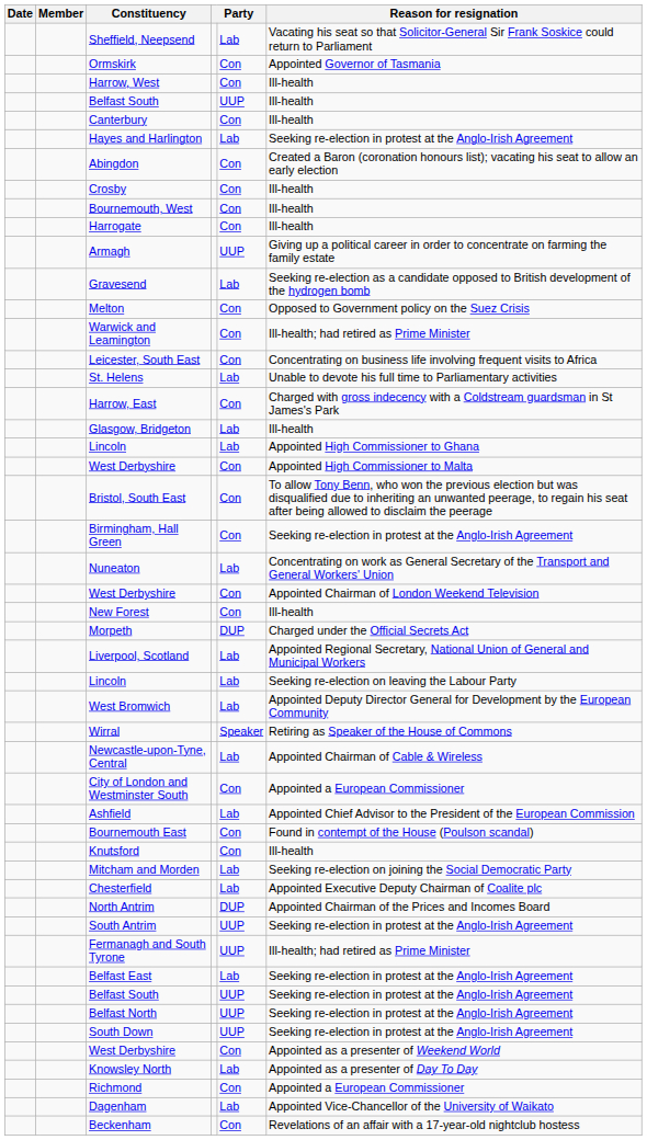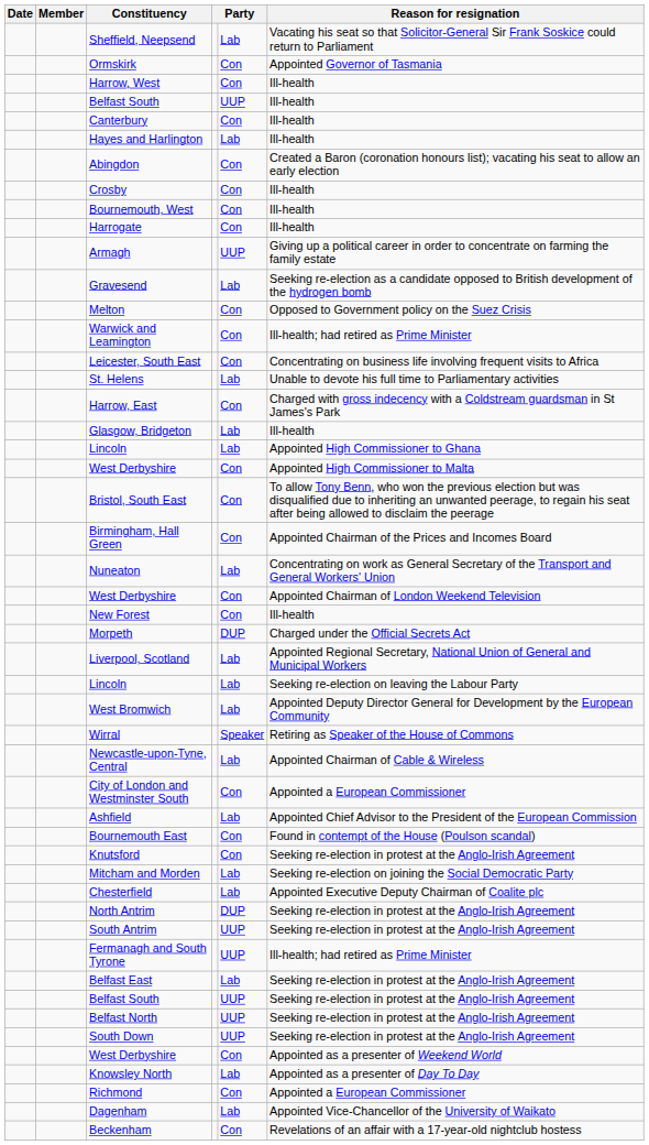 <table class="wikitable sortable">
 <tr>
 <th>Date</th>
 <th>Member</th>
 <th>Constituency</th>
 <th colspan=2>Party</th>
 <th class="unsortable">Reason for resignation</th>
 </tr>
 <tr>
 <td></td>
 <td></td>
 <td><a href='#'>Sheffield, Neepsend</a></td>
 <td style="background:"></td>
 <td><a href='#'>Lab</a></td>
 <td>Vacating his seat so that <a href='#'>Solicitor-General</a> Sir <a href='#'>Frank Soskice</a> could return to Parliament</td>
 </tr>
 <tr>
 <td></td>
 <td></td>
 <td><a href='#'>Ormskirk</a></td>
 <td style="background:"></td>
 <td><a href='#'>Con</a></td>
 <td>Appointed <a href='#'>Governor of Tasmania</a></td>
 </tr>
 <tr>
 <td></td>
 <td></td>
 <td><a href='#'>Harrow, West</a></td>
 <td style="background:"></td>
 <td><a href='#'>Con</a></td>
 <td>Ill-health</td>
 </tr>
 <tr>
 <td></td>
 <td></td>
 <td><a href='#'>Belfast South</a></td>
 <td style="background:"></td>
 <td><a href='#'>UUP</a></td>
 <td>Ill-health</td>
 </tr>
 <tr>
 <td></td>
 <td></td>
 <td><a href='#'>Canterbury</a></td>
 <td style="background:"></td>
 <td><a href='#'>Con</a></td>
 <td>Ill-health</td>
 </tr>
 <tr>
 <td></td>
 <td></td>
 <td><a href='#'>Hayes and Harlington</a></td>
 <td style="background:"></td>
 <td><a href='#'>Lab</a></td>
-<td>Seeking re-election in protest at the <a href='#'>Anglo-Irish Agreement</a></td>
+<td>Ill-health</td>
 </tr>
 <tr>
 <td></td>
 <td></td>
 <td><a href='#'>Abingdon</a></td>
 <td style="background:"></td>
 <td><a href='#'>Con</a></td>
 <td>Created a Baron (coronation honours list); vacating his seat to allow an early election</td>
 </tr>
 <tr>
 <td></td>
 <td></td>
 <td><a href='#'>Crosby</a></td>
 <td style="background:"></td>
 <td><a href='#'>Con</a></td>
 <td>Ill-health</td>
 </tr>
 <tr>
 <td></td>
 <td></td>
 <td><a href='#'>Bournemouth, West</a></td>
 <td style="background:"></td>
 <td><a href='#'>Con</a></td>
 <td>Ill-health</td>
 </tr>
 <tr>
 <td></td>
 <td></td>
 <td><a href='#'>Harrogate</a></td>
 <td style="background:"></td>
 <td><a href='#'>Con</a></td>
 <td>Ill-health</td>
 </tr>
 <tr>
 <td></td>
 <td></td>
 <td><a href='#'>Armagh</a></td>
 <td style="background:"></td>
 <td><a href='#'>UUP</a></td>
 <td>Giving up a political career in order to concentrate on farming the family estate</td>
 </tr>
 <tr>
 <td></td>
 <td></td>
 <td><a href='#'>Gravesend</a></td>
 <td style="background:"></td>
 <td><a href='#'>Lab</a></td>
 <td>Seeking re-election as a candidate opposed to British development of the <a href='#'>hydrogen bomb</a></td>
 </tr>
 <tr>
 <td></td>
 <td></td>
 <td><a href='#'>Melton</a></td>
 <td style="background:"></td>
 <td><a href='#'>Con</a></td>
 <td>Opposed to Government policy on the <a href='#'>Suez Crisis</a></td>
 </tr>
 <tr>
 <td></td>
 <td></td>
 <td><a href='#'>Warwick and Leamington</a></td>
 <td style="background:"></td>
 <td><a href='#'>Con</a></td>
 <td>Ill-health; had retired as <a href='#'>Prime Minister</a></td>
 </tr>
 <tr>
 <td></td>
 <td></td>
 <td><a href='#'>Leicester, South East</a></td>
 <td style="background:"></td>
 <td><a href='#'>Con</a></td>
 <td>Concentrating on business life involving frequent visits to Africa</td>
 </tr>
 <tr>
 <td></td>
 <td></td>
 <td><a href='#'>St. Helens</a></td>
 <td style="background:"></td>
 <td><a href='#'>Lab</a></td>
 <td>Unable to devote his full time to Parliamentary activities</td>
 </tr>
 <tr>
 <td></td>
 <td></td>
 <td><a href='#'>Harrow, East</a></td>
 <td style="background:"></td>
 <td><a href='#'>Con</a></td>
 <td>Charged with <a href='#'>gross indecency</a> with a <a href='#'>Coldstream guardsman</a> in St James's Park</td>
 </tr>
 <tr>
 <td></td>
 <td></td>
 <td><a href='#'>Glasgow, Bridgeton</a></td>
 <td style="background:"></td>
 <td><a href='#'>Lab</a></td>
 <td>Ill-health</td>
 </tr>
 <tr>
 <td></td>
 <td></td>
 <td><a href='#'>Lincoln</a></td>
 <td style="background:"></td>
 <td><a href='#'>Lab</a></td>
 <td>Appointed <a href='#'>High Commissioner to Ghana</a></td>
 </tr>
 <tr>
 <td></td>
 <td></td>
 <td><a href='#'>West Derbyshire</a></td>
 <td style="background:"></td>
 <td><a href='#'>Con</a></td>
 <td>Appointed <a href='#'>High Commissioner to Malta</a></td>
 </tr>
 <tr>
 <td></td>
 <td></td>
 <td><a href='#'>Bristol, South East</a></td>
 <td style="background:"></td>
 <td><a href='#'>Con</a></td>
 <td>To allow <a href='#'>Tony Benn</a>, who won the previous election but was disqualified due to inheriting an unwanted peerage, to regain his seat after being allowed to disclaim the peerage</td>
 </tr>
 <tr>
 <td></td>
 <td></td>
 <td><a href='#'>Birmingham, Hall Green</a></td>
 <td style="background:"></td>
 <td><a href='#'>Con</a></td>
-<td>Seeking re-election in protest at the <a href='#'>Anglo-Irish Agreement</a></td>
+<td>Appointed Chairman of the Prices and Incomes Board</td>
 </tr>
 <tr>
 <td></td>
 <td></td>
 <td><a href='#'>Nuneaton</a></td>
 <td style="background:"></td>
 <td><a href='#'>Lab</a></td>
 <td>Concentrating on work as General Secretary of the <a href='#'>Transport and General Workers' Union</a></td>
 </tr>
 <tr>
 <td></td>
 <td></td>
 <td><a href='#'>West Derbyshire</a></td>
 <td style="background:"></td>
 <td><a href='#'>Con</a></td>
 <td>Appointed Chairman of <a href='#'>London Weekend Television</a></td>
 </tr>
 <tr>
 <td></td>
 <td></td>
 <td><a href='#'>New Forest</a></td>
 <td style="background:"></td>
 <td><a href='#'>Con</a></td>
 <td>Ill-health</td>
 </tr>
 <tr>
 <td></td>
 <td></td>
 <td><a href='#'>Morpeth</a></td>
 <td style="background:"></td>
 <td><a href='#'>DUP</a></td>
 <td>Charged under the <a href='#'>Official Secrets Act</a></td>
 </tr>
 <tr>
 <td></td>
 <td></td>
 <td><a href='#'>Liverpool, Scotland</a></td>
 <td style="background:"></td>
 <td><a href='#'>Lab</a></td>
 <td>Appointed Regional Secretary, <a href='#'>National Union of General and Municipal Workers</a></td>
 </tr>
 <tr>
 <td></td>
 <td></td>
 <td><a href='#'>Lincoln</a></td>
 <td style="background:"></td>
 <td><a href='#'>Lab</a></td>
 <td>Seeking re-election on leaving the Labour Party</td>
 </tr>
 <tr>
 <td></td>
 <td></td>
 <td><a href='#'>West Bromwich</a></td>
 <td style="background:"></td>
 <td><a href='#'>Lab</a></td>
 <td>Appointed Deputy Director General for Development by the <a href='#'>European Community</a></td>
 </tr>
 <tr>
 <td></td>
 <td></td>
 <td><a href='#'>Wirral</a></td>
 <td !style="background:"></td>
 <td><a href='#'>Speaker</a></td>
 <td>Retiring as <a href='#'>Speaker of the House of Commons</a></td>
 </tr>
 <tr>
 <td></td>
 <td></td>
 <td><a href='#'>Newcastle-upon-Tyne, Central</a></td>
 <td style="background:"></td>
 <td><a href='#'>Lab</a></td>
 <td>Appointed Chairman of <a href='#'>Cable & Wireless</a></td>
 </tr>
 <tr>
 <td></td>
 <td></td>
 <td><a href='#'>City of London and Westminster South</a></td>
 <td style="background:"></td>
 <td><a href='#'>Con</a></td>
 <td>Appointed a <a href='#'>European Commissioner</a></td>
 </tr>
 <tr>
 <td></td>
 <td></td>
 <td><a href='#'>Ashfield</a></td>
 <td style="background:"></td>
 <td><a href='#'>Lab</a></td>
 <td>Appointed Chief Advisor to the President of the <a href='#'>European Commission</a></td>
 </tr>
 <tr>
 <td></td>
 <td></td>
 <td><a href='#'>Bournemouth East</a></td>
 <td style="background:"></td>
 <td><a href='#'>Con</a></td>
 <td>Found in <a href='#'>contempt of the House</a> (<a href='#'>Poulson scandal</a>)</td>
 </tr>
 <tr>
 <td></td>
 <td></td>
 <td><a href='#'>Knutsford</a></td>
 <td style="background:"></td>
 <td><a href='#'>Con</a></td>
-<td>Ill-health</td>
+<td>Seeking re-election in protest at the <a href='#'>Anglo-Irish Agreement</a></td>
 </tr>
 <tr>
 <td></td>
 <td></td>
 <td><a href='#'>Mitcham and Morden</a></td>
 <td style="background:"></td>
 <td><a href='#'>Lab</a></td>
 <td>Seeking re-election on joining the <a href='#'>Social Democratic Party</a></td>
 </tr>
 <tr>
 <td></td>
 <td></td>
 <td><a href='#'>Chesterfield</a></td>
 <td style="background:"></td>
 <td><a href='#'>Lab</a></td>
 <td>Appointed Executive Deputy Chairman of <a href='#'>Coalite plc</a></td>
 </tr>
 <tr>
 <td></td>
 <td></td>
 <td><a href='#'>North Antrim</a></td>
 <td style="background:"></td>
 <td><a href='#'>DUP</a></td>
-<td>Appointed Chairman of the Prices and Incomes Board</td>
+<td>Seeking re-election in protest at the <a href='#'>Anglo-Irish Agreement</a></td>
 </tr>
 <tr>
 <td></td>
 <td></td>
 <td><a href='#'>South Antrim</a></td>
 <td style="background:"></td>
 <td><a href='#'>UUP</a></td>
 <td>Seeking re-election in protest at the <a href='#'>Anglo-Irish Agreement</a></td>
 </tr>
 <tr>
 <td></td>
 <td></td>
 <td><a href='#'>Fermanagh and South Tyrone</a></td>
 <td style="background:"></td>
 <td><a href='#'>UUP</a></td>
 <td>Ill-health; had retired as <a href='#'>Prime Minister</a></td>
 </tr>
 <tr>
 <td></td>
 <td></td>
 <td><a href='#'>Belfast East</a></td>
 <td style="background:"></td>
 <td><a href='#'>Lab</a></td>
 <td>Seeking re-election in protest at the <a href='#'>Anglo-Irish Agreement</a></td>
 </tr>
 <tr>
 <td></td>
 <td></td>
 <td><a href='#'>Belfast South</a></td>
 <td style="background:"></td>
 <td><a href='#'>UUP</a></td>
 <td>Seeking re-election in protest at the <a href='#'>Anglo-Irish Agreement</a></td>
 </tr>
 <tr>
 <td></td>
 <td></td>
 <td><a href='#'>Belfast North</a></td>
 <td style="background:"></td>
 <td><a href='#'>UUP</a></td>
 <td>Seeking re-election in protest at the <a href='#'>Anglo-Irish Agreement</a></td>
 </tr>
 <tr>
 <td></td>
 <td></td>
 <td><a href='#'>South Down</a></td>
 <td style="background:"></td>
 <td><a href='#'>UUP</a></td>
 <td>Seeking re-election in protest at the <a href='#'>Anglo-Irish Agreement</a></td>
 </tr>
 <tr>
 <td></td>
 <td></td>
 <td><a href='#'>West Derbyshire</a></td>
 <td style="background:"></td>
 <td><a href='#'>Con</a></td>
 <td>Appointed as a presenter of <em><a href='#'>Weekend World</a></em></td>
 </tr>
 <tr>
 <td></td>
 <td></td>
 <td><a href='#'>Knowsley North</a></td>
 <td style="background:"></td>
 <td><a href='#'>Lab</a></td>
 <td>Appointed as a presenter of <em><a href='#'>Day To Day</a></em></td>
 </tr>
 <tr>
 <td></td>
 <td></td>
 <td><a href='#'>Richmond</a></td>
 <td style="background:"></td>
 <td><a href='#'>Con</a></td>
 <td>Appointed a <a href='#'>European Commissioner</a></td>
 </tr>
 <tr>
 <td></td>
 <td></td>
 <td><a href='#'>Dagenham</a></td>
 <td style="background:"></td>
 <td><a href='#'>Lab</a></td>
 <td>Appointed Vice-Chancellor of the <a href='#'>University of Waikato</a></td>
 </tr>
 <tr>
 <td></td>
 <td></td>
 <td><a href='#'>Beckenham</a></td>
 <td style="background:"></td>
 <td><a href='#'>Con</a></td>
 <td>Revelations of an affair with a 17-year-old nightclub hostess</td>
 </tr>
 </table>
